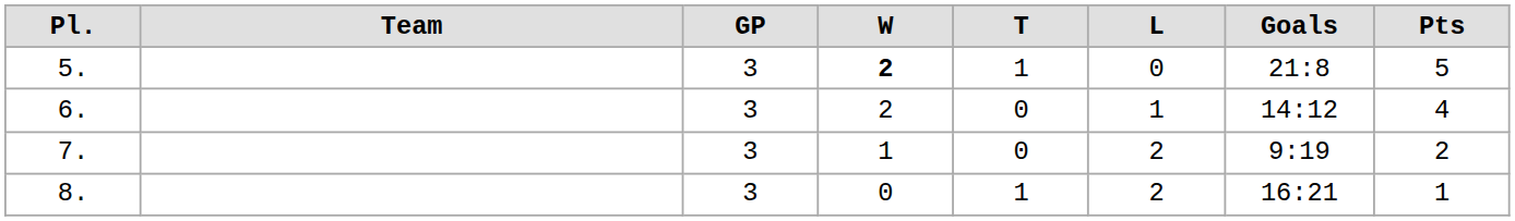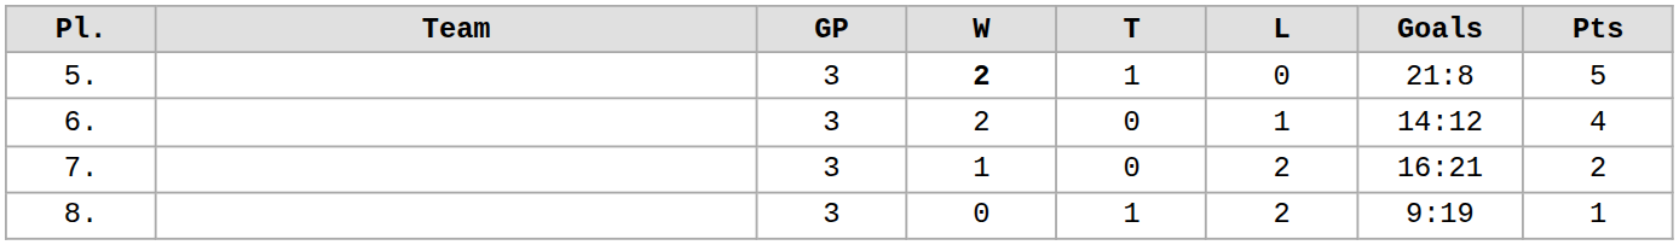 <table class="wikitable" width="60%">
 <tr style="font-weight:bold; background-color:#e0e0e0;" align="center" |>
 <td width="5%">Pl.</td>
 <td width="20%">Team</td>
 <td width="5%">GP</td>
 <td width="5%">W</td>
 <td width="5%">T</td>
 <td width="5%">L</td>
 <td width="5%">Goals</td>
 <td width="5%">Pts</td>
 </tr>
 <tr align="center" bgcolor="#FFFFFF">
 <td>5.</td>
 <td align="left"></td>
 <td>3</td>
 <td><strong>2</strong></td>
 <td>1</td>
 <td>0</td>
 <td>21:8</td>
 <td>5</td>
 </tr>
 <tr align="center" bgcolor="#FFFFFF">
 <td>6.</td>
 <td align="left"></td>
 <td>3</td>
 <td>2</td>
 <td>0</td>
 <td>1</td>
 <td>14:12</td>
 <td>4</td>
 </tr>
 <tr align="center" bgcolor="#FFFFFF">
 <td>7.</td>
 <td align="left"></td>
 <td>3</td>
 <td>1</td>
 <td>0</td>
 <td>2</td>
-<td>9:19</td>
+<td>16:21</td>
 <td>2</td>
 </tr>
 <tr align="center" bgcolor="#FFFFFF">
 <td>8.</td>
 <td align="left"></td>
 <td>3</td>
 <td>0</td>
 <td>1</td>
 <td>2</td>
-<td>16:21</td>
+<td>9:19</td>
 <td>1</td>
 </tr>
 </table>
